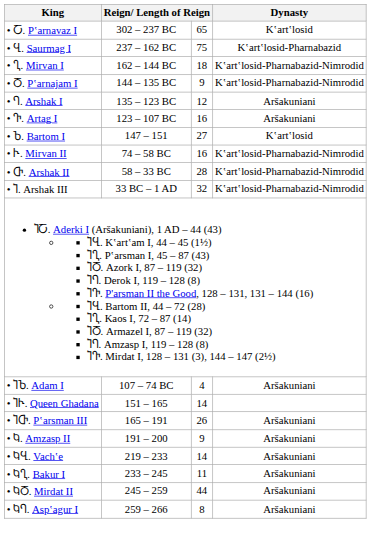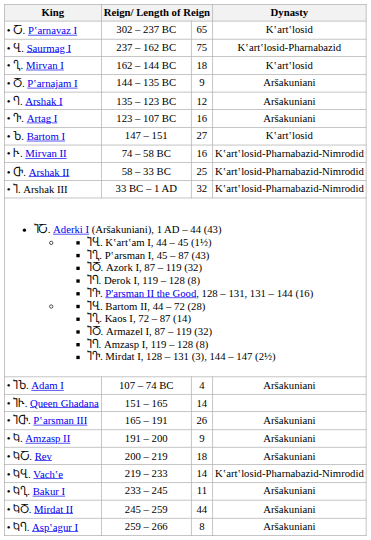 <table class="wikitable sortable">
 <tr style="background:#fff;">
 <th> King</th>
 <th colspan="2">Reign/ Length of Reign</th>
 <th>Dynasty</th>
 </tr>
 <tr style="background:#fff;">
 <td align="left">•	Ⴀ. <a href='#'>Pʽarnavaz I</a></td>
 <td align="center">302 – 237 BC</td>
 <td align="center">65</td>
 <td align="center">Kʽartʽlosid</td>
 </tr>
 <tr style="background:#fff;">
 <td align="left">•	Ⴁ. <a href='#'>Saurmag I</a></td>
 <td align="center">237 – 162 BC</td>
 <td align="center">75</td>
 <td align="center">Kʽartʽlosid-Pharnabazid</td>
 </tr>
 <tr style="background:#fff;">
 <td align="left">•	Ⴂ. <a href='#'>Mirvan I</a></td>
 <td align="center">162 – 144 BC</td>
 <td align="center">18</td>
-<td align="center">Kʽartʽlosid-Pharnabazid-Nimrodid</td>
+<td align="center">Kʽartʽlosid</td>
 </tr>
 <tr style="background:#fff;">
 <td align="left">•	Ⴃ. <a href='#'>Pʽarnajam I</a></td>
 <td align="center">144 – 135 BC</td>
 <td align="center">9</td>
-<td align="center">Kʽartʽlosid-Pharnabazid-Nimrodid</td>
+<td align="center">Aršakuniani</td>
 </tr>
 <tr style="background:#fff;">
 <td align="left">•	Ⴄ. <a href='#'>Arshak I</a></td>
 <td align="center">135 – 123 BC</td>
 <td align="center">12</td>
 <td align="center">Aršakuniani</td>
 </tr>
 <tr style="background:#fff;">
 <td align="left">•	Ⴅ. <a href='#'>Artag I</a></td>
 <td align="center">123 – 107 BC</td>
 <td align="center">16</td>
 <td align="center">Aršakuniani</td>
 </tr>
 <tr style="background:#fff;">
 <td align="left">•	Ⴆ. <a href='#'>Bartom I</a></td>
 <td align="center">147 – 151</td>
 <td align="center">27</td>
 <td align="center">Kʽartʽlosid</td>
 </tr>
 <tr style="background:#fff;">
 <td align="left">•	Ⴡ. <a href='#'>Mirvan II</a></td>
 <td align="center">74 – 58 BC</td>
 <td align="center">16</td>
 <td align="center">Kʽartʽlosid-Pharnabazid-Nimrodid</td>
 </tr>
 <tr style="background:#fff;">
 <td align="left">•	Ⴇ. <a href='#'>Arshak II</a></td>
 <td align="center">58 – 33 BC</td>
-<td align="center">28</td>
+<td align="center">25</td>
 <td align="center">Kʽartʽlosid-Pharnabazid-Nimrodid</td>
 </tr>
 <tr style="background:#fff;">
 <td align="left">•	Ⴈ. Arshak III</td>
 <td align="center">33 BC – 1 AD</td>
 <td align="center">32</td>
 <td align="center">Kʽartʽlosid-Pharnabazid-Nimrodid</td>
 </tr>
 <tr style="background:#fff;">
 <td colspan="4"><br><ul><li>ႨႠ. <a href='#'>Aderki I</a> (Aršakuniani), 1 AD – 44 (43)<ul><li><ul><li>ႨႡ. Kʽartʽam I, 44 – 45 (1½)</li><li>ႨႢ. Pʽarsman I, 45 – 87 (43)</li><li>ႨႣ. Azork I, 87 – 119 (32)</li><li>ႨႤ. Derok I, 119 – 128 (8)</li><li>ႨႥ. <a href='#'>P'arsman II the Good</a>, 128 – 131, 131 – 144 (16)</li></ul></li><li>                 <ul><li>ႨႡ. Bartom II, 44 – 72 (28)</li><li>ႨႢ. Kaos I, 72 – 87 (14)</li><li>ႨႣ. Armazel I, 87 – 119 (32)</li><li>ႨႤ. Amzasp I, 119 – 128 (8)</li><li>ႨႥ. Mirdat I, 128 – 131 (3), 144 – 147 (2½)</li></ul></li></ul></li></ul> </td>
 </tr>
 <tr style="background:#fff;">
 <td align="left">•	ႨႦ. <a href='#'>Adam I</a></td>
 <td align="center">107 – 74 BC</td>
 <td align="center">4</td>
 <td align="center">Aršakuniani</td>
 </tr>
 <tr style="background:#fff;">
 <td align="left">•	ႨჁ. <a href='#'>Queen Ghadana</a></td>
 <td align="center">151 – 165</td>
 <td align="center">14</td>
 <td align="center"></td>
 </tr>
 <tr style="background:#fff;">
 <td align="left">•	ႨႧ. <a href='#'>Pʽarsman III</a></td>
 <td align="center">165 – 191</td>
 <td align="center">26</td>
 <td align="center">Aršakuniani</td>
 </tr>
 <tr style="background:#fff;">
 <td align="left">•	Ⴉ. <a href='#'>Amzasp II</a></td>
 <td align="center">191 – 200</td>
 <td align="center">9</td>
 <td align="center">Aršakuniani</td>
 </tr>
 <tr style="background:#fff;">
+<td align="left">•	ႩႠ. <a href='#'>Rev</a></td>
+<td align="center">200 – 219</td>
+<td align="center">18</td>
+<td align="center">Aršakuniani</td>
+</tr>
+<tr style="background:#fff;">
 <td align="left">•	ႩႡ. <a href='#'>Vachʽe</a></td>
 <td align="center">219 – 233</td>
 <td align="center">14</td>
-<td align="center">Aršakuniani</td>
+<td align="center">Kʽartʽlosid-Pharnabazid-Nimrodid</td>
 </tr>
 <tr style="background:#fff;">
 <td align="left">•	ႩႢ. <a href='#'>Bakur I</a></td>
 <td align="center">233 – 245</td>
 <td align="center">11</td>
 <td align="center">Aršakuniani</td>
 </tr>
 <tr style="background:#fff;">
 <td align="left">•	ႩႣ. <a href='#'>Mirdat II</a></td>
 <td align="center">245 – 259</td>
 <td align="center">44</td>
 <td align="center">Aršakuniani</td>
 </tr>
 <tr style="background:#fff;">
 <td align="left">•	ႩႤ. <a href='#'>Aspʽagur I</a></td>
 <td align="center">259 – 266</td>
 <td align="center">8</td>
 <td align="center">Aršakuniani</td>
 </tr>
 </table>
